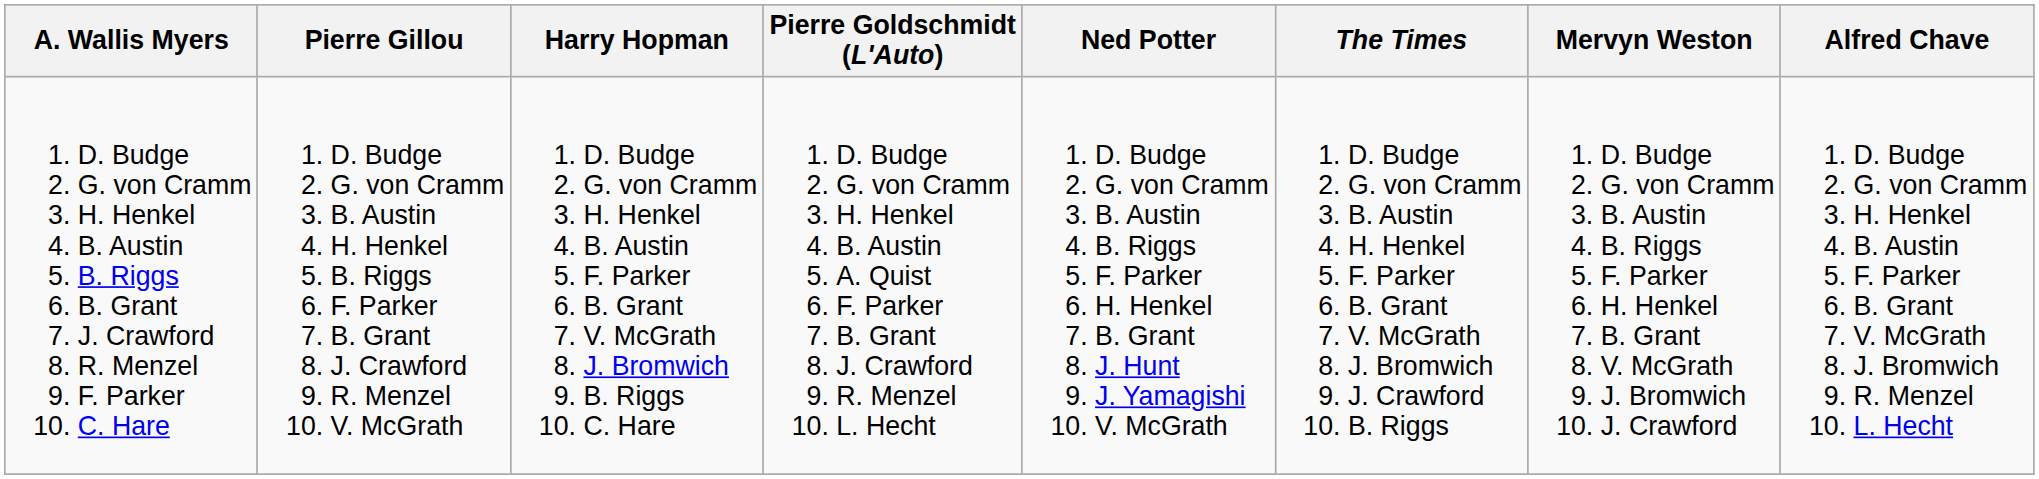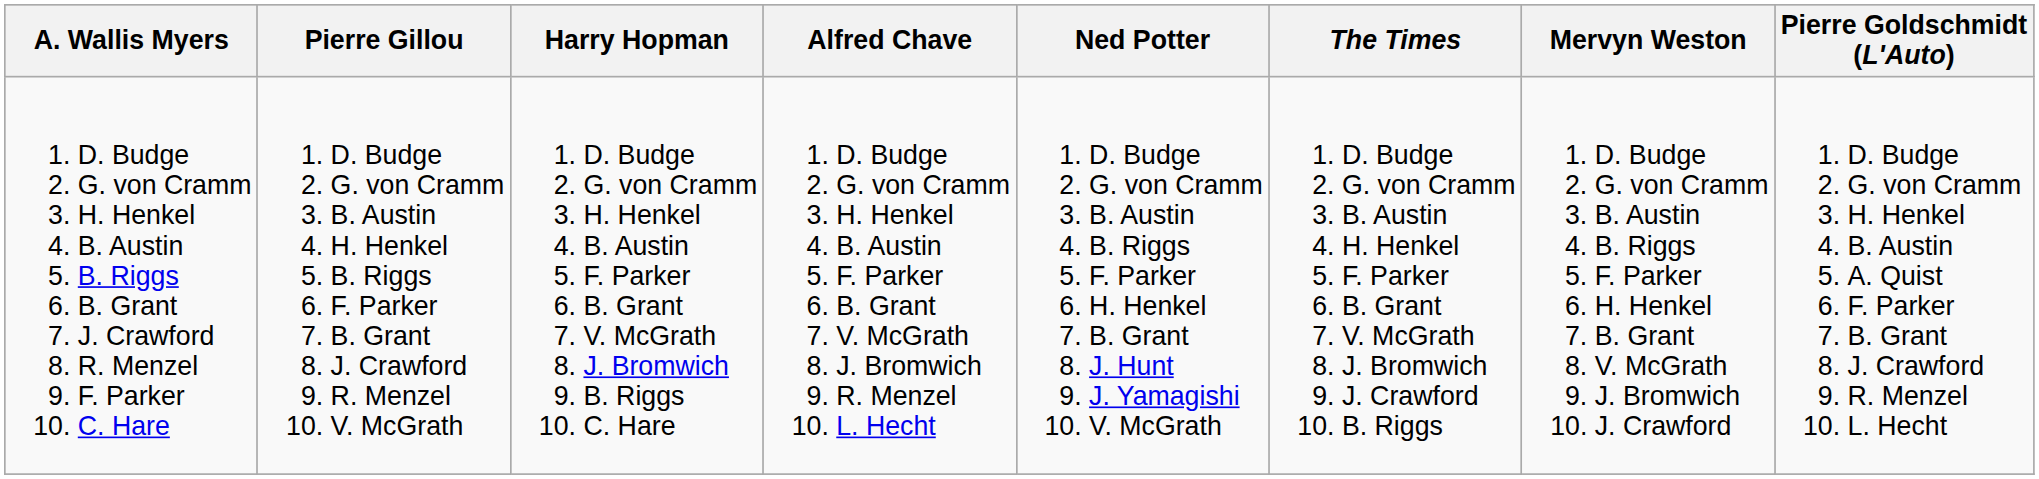 <table class="wikitable">
 <tr>
 <th>A. Wallis Myers</th>
 <th>Pierre Gillou</th>
 <th>Harry Hopman</th>
-<th>Pierre Goldschmidt<br>(<em>L'Auto</em>)</th>
+<th>Alfred Chave</th>
 <th>Ned Potter</th>
 <th><em>The Times</em></th>
 <th>Mervyn Weston</th>
-<th>Alfred Chave</th>
+<th>Pierre Goldschmidt<br>(<em>L'Auto</em>)</th>
 </tr>
 <tr style="vertical-align: top;">
 <td style="white-space: nowrap;"><br><ol><li> D. Budge</li><li> G. von Cramm</li><li> H. Henkel</li><li> B. Austin</li><li> <a href='#'>B. Riggs</a></li><li> B. Grant</li><li> J. Crawford</li><li> R. Menzel</li><li> F. Parker</li><li> <a href='#'>C. Hare</a></li></ol></td>
 <td style="white-space: nowrap;"><br><ol><li> D. Budge</li><li> G. von Cramm</li><li> B. Austin</li><li> H. Henkel</li><li> B. Riggs</li><li> F. Parker</li><li> B. Grant</li><li> J. Crawford</li><li> R. Menzel</li><li> V. McGrath</li></ol></td>
 <td style="white-space: nowrap;"><br><ol><li> D. Budge</li><li> G. von Cramm</li><li> H. Henkel</li><li> B. Austin</li><li> F. Parker</li><li> B. Grant</li><li> V. McGrath</li><li> <a href='#'>J. Bromwich</a></li><li> B. Riggs</li><li> C. Hare</li></ol></td>
-<td style="white-space: nowrap;"><br><ol><li> D. Budge</li><li> G. von Cramm</li><li> H. Henkel</li><li> B. Austin</li><li> A. Quist</li><li> F. Parker</li><li> B. Grant</li><li> J. Crawford</li><li> R. Menzel</li><li> L. Hecht</li></ol></td>
+<td style="white-space: nowrap;"><br><ol><li> D. Budge</li><li> G. von Cramm</li><li> H. Henkel</li><li> B. Austin</li><li> F. Parker</li><li> B. Grant</li><li> V. McGrath</li><li> J. Bromwich</li><li> R. Menzel</li><li> <a href='#'>L. Hecht</a></li></ol></td>
 <td style="white-space: nowrap;"><br><ol><li> D. Budge</li><li> G. von Cramm</li><li> B. Austin</li><li> B. Riggs</li><li> F. Parker</li><li> H. Henkel</li><li> B. Grant</li><li> <a href='#'>J. Hunt</a></li><li> <a href='#'>J. Yamagishi</a></li><li> V. McGrath</li></ol></td>
 <td style="white-space: nowrap;"><br><ol><li> D. Budge</li><li> G. von Cramm</li><li> B. Austin</li><li> H. Henkel</li><li> F. Parker</li><li> B. Grant</li><li> V. McGrath</li><li> J. Bromwich</li><li> J. Crawford</li><li> B. Riggs</li></ol></td>
 <td style="white-space: nowrap;"><br><ol><li> D. Budge</li><li> G. von Cramm</li><li> B. Austin</li><li> B. Riggs</li><li> F. Parker</li><li> H. Henkel</li><li> B. Grant</li><li> V. McGrath</li><li> J. Bromwich</li><li> J. Crawford</li></ol></td>
-<td style="white-space: nowrap;"><br><ol><li> D. Budge</li><li> G. von Cramm</li><li> H. Henkel</li><li> B. Austin</li><li> F. Parker</li><li> B. Grant</li><li> V. McGrath</li><li> J. Bromwich</li><li> R. Menzel</li><li> <a href='#'>L. Hecht</a></li></ol></td>
+<td style="white-space: nowrap;"><br><ol><li> D. Budge</li><li> G. von Cramm</li><li> H. Henkel</li><li> B. Austin</li><li> A. Quist</li><li> F. Parker</li><li> B. Grant</li><li> J. Crawford</li><li> R. Menzel</li><li> L. Hecht</li></ol></td>
 </tr>
 </table>
